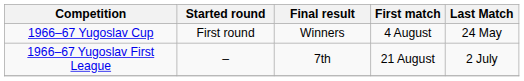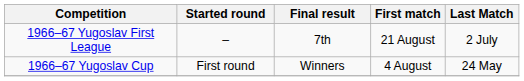 <table class="wikitable" style="text-align: center;">
 <tr>
 <th width="220">Competition</th>
 <th width="120">Started round</th>
 <th width="120">Final result</th>
 <th width="90">First match</th>
 <th width="90">Last Match</th>
 </tr>
 <tr>
+<td><a href='#'>1966–67 Yugoslav First League</a></td>
+<td>–</td>
+<td>7th</td>
+<td>21 August</td>
+<td>2 July</td>
+</tr>
+<tr>
 <td><a href='#'>1966–67 Yugoslav Cup</a></td>
 <td>First round</td>
 <td>Winners</td>
 <td>4 August</td>
 <td>24 May</td>
 </tr>
 <tr>
-<td><a href='#'>1966–67 Yugoslav First League</a></td>
-<td>–</td>
-<td>7th</td>
-<td>21 August</td>
-<td>2 July</td>
-</tr>
-<tr>
 </tr>
 </table>
